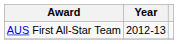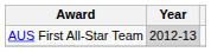 <table class="wikitable">
 <tr>
 <th>Award</th>
 <th>Year</th>
 <th></th>
 </tr>
 <tr>
 <td><a href='#'>AUS</a> First All-Star Team</td>
-<td>2012-13</td>
+<td style="background: lightgrey;">2012-13</td>
 <td></td>
 </tr>
 <tr>
 </tr>
 </table>
